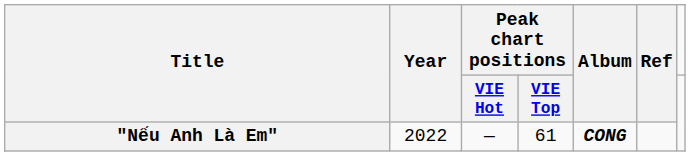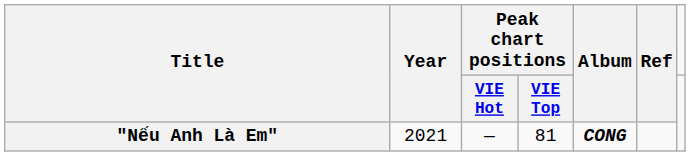 <table class="wikitable plainrowheaders" border="1" style="text-align:center;">
 <tr>
 <th scope="col" style="width:21em;" rowspan="2">Title</th>
 <th scope="col" style="width:3.5em;" rowspan="2">Year</th>
 <th colspan="2”">Peak chart positions</th>
 <th rowspan="2">Album</th>
 <th scope="col" class="unsortable" rowspan="2">Ref</th>
 <td></td>
 </tr>
 <tr>
 <th style="width:3em;font-size:90%;"><a href='#'>VIE Hot</a></th>
 <th style="width:3em;font-size:90%;"><a href='#'>VIE Top</a></th>
 </tr>
 <tr>
 <th scope="row">"Nếu Anh Là Em" </th>
-<td>2022</td>
+<td>2021</td>
 <td>—</td>
-<td>61</td>
+<td>81</td>
 <td><strong><em>CONG</em></strong></td>
 <td></td>
 </tr>
 </table>
